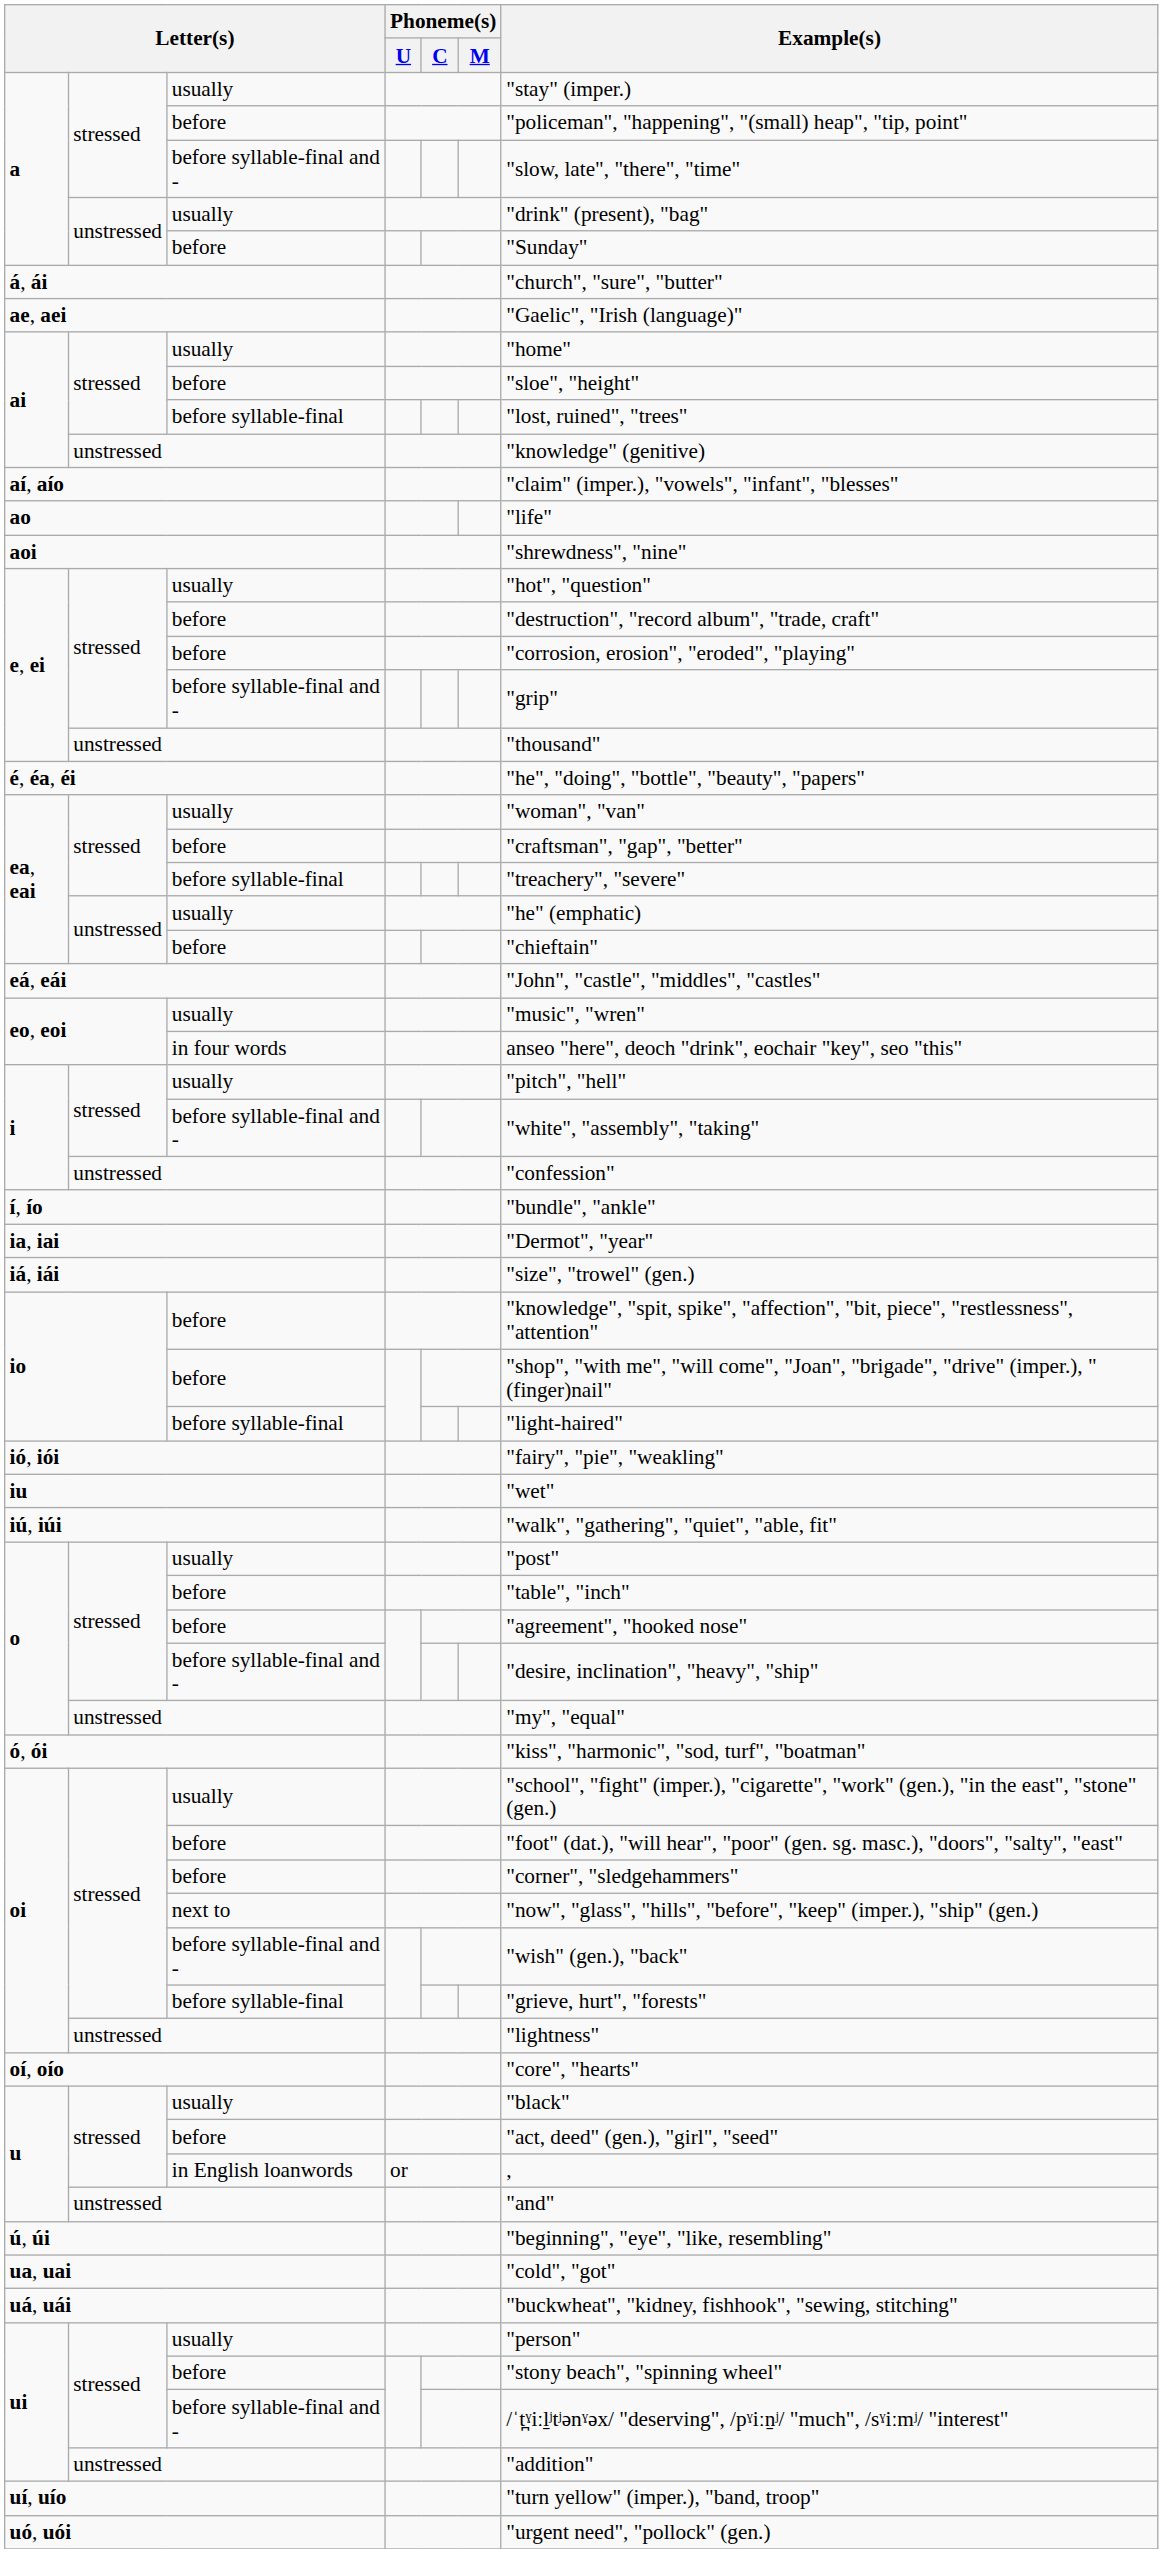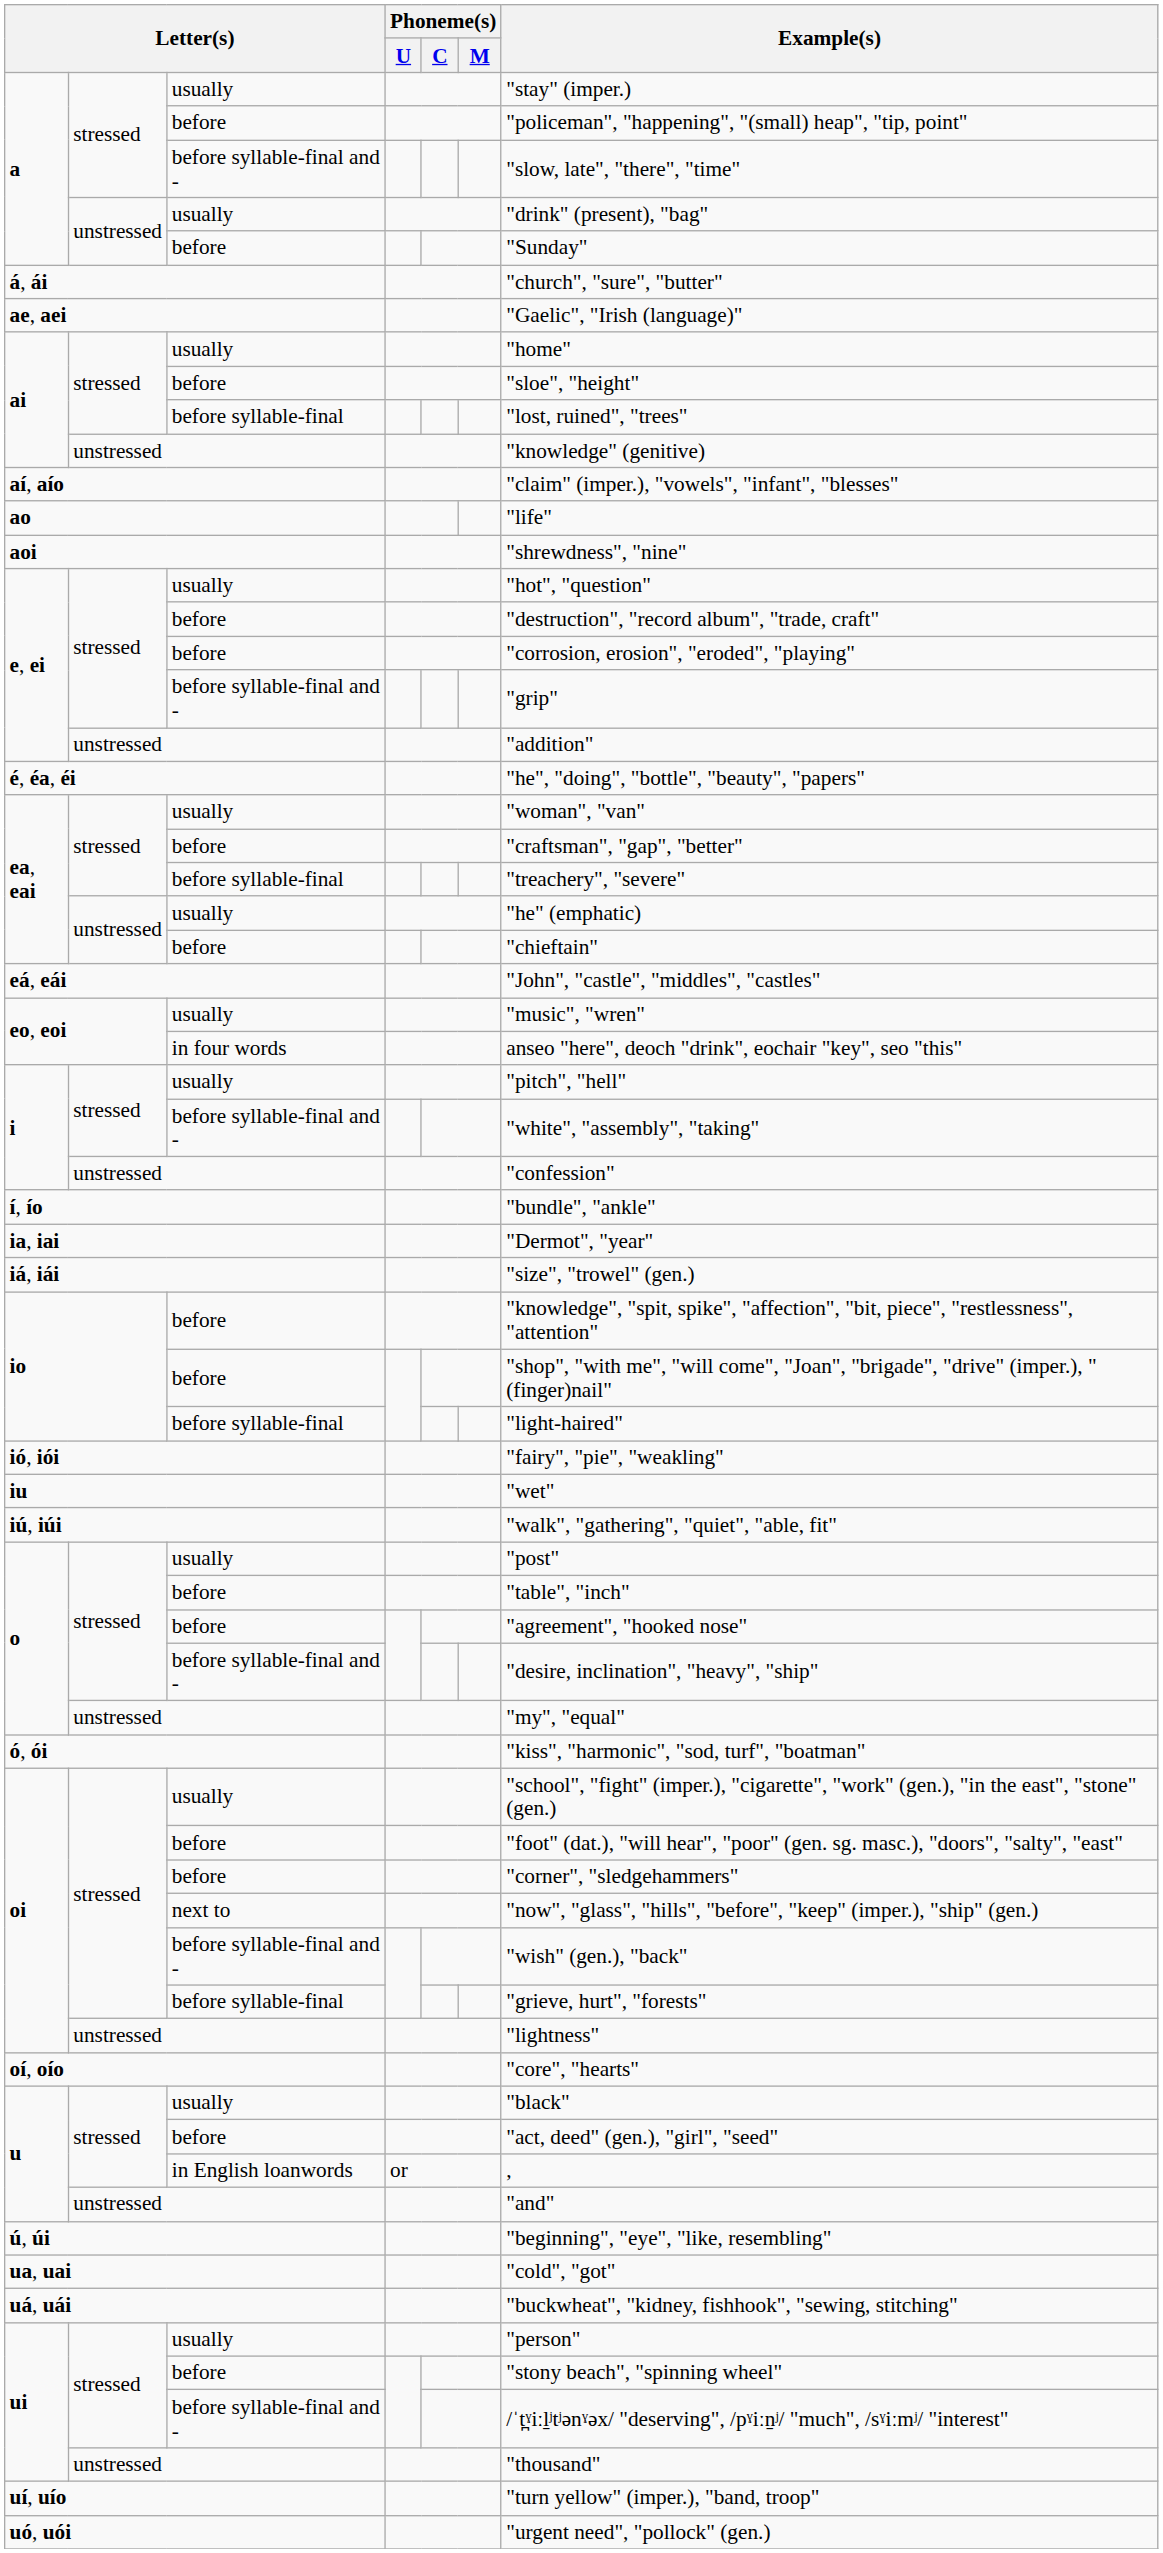 <table class="wikitable">
 <tr>
 <th colspan="3" rowspan="2">Letter(s)</th>
 <th colspan="3">Phoneme(s)</th>
 <th rowspan="2">Example(s)</th>
 </tr>
 <tr>
 <th><a href='#'>U</a></th>
 <th><strong><a href='#'>C</a></strong></th>
 <th><a href='#'>M</a></th>
 </tr>
 <tr>
 <td rowspan="5"><strong>a</strong></td>
 <td rowspan="3">stressed</td>
 <td>usually</td>
 <td colspan="3"></td>
 <td>  "stay" (imper.)</td>
 </tr>
 <tr>
 <td>before </td>
 <td colspan="3"></td>
 <td>  "policeman",   "happening",   "(small) heap",   "tip, point"</td>
 </tr>
 <tr>
 <td>before syllable-final  and -</td>
 <td></td>
 <td></td>
 <td></td>
 <td>  "slow, late",   "there",   "time"</td>
 </tr>
 <tr>
 <td rowspan="2">unstressed</td>
 <td>usually</td>
 <td colspan="3"></td>
 <td>  "drink" (present),   "bag"</td>
 </tr>
 <tr>
 <td>before </td>
 <td></td>
 <td colspan="2"></td>
 <td>  "Sunday"</td>
 </tr>
 <tr>
 <td colspan="3"><strong>á</strong>, <strong>ái</strong></td>
 <td colspan="3"></td>
 <td>  "church",   "sure",   "butter"</td>
 </tr>
 <tr>
 <td colspan="3"><strong>ae</strong>, <strong>aei</strong></td>
 <td colspan="3"></td>
 <td>  "Gaelic",   "Irish (language)"</td>
 </tr>
 <tr>
 <td rowspan="4"><strong>ai</strong></td>
 <td rowspan="3">stressed</td>
 <td>usually</td>
 <td colspan="3"></td>
 <td>  "home"</td>
 </tr>
 <tr>
 <td>before </td>
 <td colspan="3"></td>
 <td>  "sloe",   "height"</td>
 </tr>
 <tr>
 <td>before syllable-final </td>
 <td></td>
 <td></td>
 <td></td>
 <td>  "lost, ruined",   "trees"</td>
 </tr>
 <tr>
 <td colspan="2">unstressed</td>
 <td colspan="3"></td>
 <td>  "knowledge" (genitive)</td>
 </tr>
 <tr>
 <td colspan="3"><strong>aí</strong>, <strong>aío</strong></td>
 <td colspan="3"></td>
 <td>  "claim" (imper.),   "vowels",   "infant",   "blesses"</td>
 </tr>
 <tr>
 <td colspan="3"><strong>ao</strong></td>
 <td colspan="2"></td>
 <td></td>
 <td>  "life"</td>
 </tr>
 <tr>
 <td colspan="3"><strong>aoi</strong></td>
 <td colspan="3"></td>
 <td>  "shrewdness",   "nine"</td>
 </tr>
 <tr>
 <td rowspan="5"><strong>e</strong>, <strong>ei</strong></td>
 <td rowspan="4">stressed</td>
 <td>usually</td>
 <td colspan="3"></td>
 <td>  "hot",   "question"</td>
 </tr>
 <tr>
 <td>before </td>
 <td colspan="3"></td>
 <td>  "destruction",   "record album",   "trade, craft"</td>
 </tr>
 <tr>
 <td>before </td>
 <td colspan="3"></td>
 <td>  "corrosion, erosion",   "eroded",   "playing"</td>
 </tr>
 <tr>
 <td>before syllable-final  and -</td>
 <td></td>
 <td></td>
 <td></td>
 <td>  "grip"</td>
 </tr>
 <tr>
 <td colspan="2">unstressed</td>
 <td colspan="3"></td>
-<td>  "thousand"</td>
+<td>  "addition"</td>
 </tr>
 <tr>
 <td colspan="3"><strong>é</strong>, <strong>éa</strong>, <strong>éi</strong></td>
 <td colspan="3"></td>
 <td>  "he",   "doing",   "bottle",   "beauty",   "papers"</td>
 </tr>
 <tr>
 <td rowspan="5"><strong>ea</strong>, <strong>eai</strong></td>
 <td rowspan="3">stressed</td>
 <td>usually</td>
 <td colspan="3"></td>
 <td>  "woman",   "van"</td>
 </tr>
 <tr>
 <td>before </td>
 <td colspan="3"></td>
 <td>  "craftsman",   "gap",   "better"</td>
 </tr>
 <tr>
 <td>before syllable-final </td>
 <td></td>
 <td></td>
 <td></td>
 <td>  "treachery",   "severe"</td>
 </tr>
 <tr>
 <td rowspan="2">unstressed</td>
 <td>usually</td>
 <td colspan="3"></td>
 <td>  "he" (emphatic)</td>
 </tr>
 <tr>
 <td>before </td>
 <td></td>
 <td colspan="2"></td>
 <td>  "chieftain"</td>
 </tr>
 <tr>
 <td colspan="3"><strong>eá</strong>, <strong>eái</strong></td>
 <td colspan="3"></td>
 <td>  "John",   "castle",   "middles",   "castles"</td>
 </tr>
 <tr>
 <td colspan="2" rowspan="2"><strong>eo</strong>, <strong>eoi</strong></td>
 <td>usually</td>
 <td colspan="3"></td>
 <td>  "music",   "wren"</td>
 </tr>
 <tr>
 <td>in four words</td>
 <td colspan="3"></td>
 <td>anseo  "here", deoch  "drink", eochair  "key", seo  "this"</td>
 </tr>
 <tr>
 <td rowspan="3"><strong>i</strong></td>
 <td rowspan="2">stressed</td>
 <td>usually</td>
 <td colspan="3"></td>
 <td>  "pitch",   "hell"</td>
 </tr>
 <tr>
 <td>before syllable-final  and -</td>
 <td></td>
 <td colspan="2"></td>
 <td>  "white",   "assembly",   "taking"</td>
 </tr>
 <tr>
 <td colspan="2">unstressed</td>
 <td colspan="3"></td>
 <td>  "confession"</td>
 </tr>
 <tr>
 <td colspan="3"><strong>í</strong>, <strong>ío</strong></td>
 <td colspan="3"></td>
 <td>  "bundle",   "ankle"</td>
 </tr>
 <tr>
 <td colspan="3"><strong>ia</strong>, <strong>iai</strong></td>
 <td colspan="3"></td>
 <td>  "Dermot",   "year"</td>
 </tr>
 <tr>
 <td colspan="3"><strong>iá</strong>, <strong>iái</strong></td>
 <td colspan="3"></td>
 <td>  "size",   "trowel" (gen.)</td>
 </tr>
 <tr>
 <td colspan="2" rowspan="3"><strong>io</strong></td>
 <td>before </td>
 <td colspan="3"></td>
 <td>  "knowledge",   "spit, spike",   "affection",   "bit, piece",   "restlessness",   "attention"</td>
 </tr>
 <tr>
 <td>before </td>
 <td rowspan="2"></td>
 <td colspan="2"></td>
 <td>  "shop",   "with me",   "will come",   "Joan",   "brigade",   "drive" (imper.),   "(finger)nail"</td>
 </tr>
 <tr>
 <td>before syllable-final </td>
 <td></td>
 <td></td>
 <td>  "light-haired"</td>
 </tr>
 <tr>
 <td colspan="3"><strong>ió</strong>, <strong>iói</strong></td>
 <td colspan="3"></td>
 <td>  "fairy",   "pie",   "weakling"</td>
 </tr>
 <tr>
 <td colspan="3"><strong>iu</strong></td>
 <td colspan="3"></td>
 <td>  "wet"</td>
 </tr>
 <tr>
 <td colspan="3"><strong>iú</strong>, <strong>iúi</strong></td>
 <td colspan="3"></td>
 <td>  "walk",   "gathering",   "quiet",   "able, fit"</td>
 </tr>
 <tr>
 <td rowspan="5"><strong>o</strong></td>
 <td rowspan="4">stressed</td>
 <td>usually</td>
 <td colspan="3"></td>
 <td>  "post"</td>
 </tr>
 <tr>
 <td>before </td>
 <td colspan="3"></td>
 <td>  "table",   "inch"</td>
 </tr>
 <tr>
 <td>before </td>
 <td rowspan="2"></td>
 <td colspan="2"></td>
 <td>  "agreement",   "hooked nose"</td>
 </tr>
 <tr>
 <td>before syllable-final  and -</td>
 <td></td>
 <td></td>
 <td>  "desire, inclination",   "heavy",   "ship"</td>
 </tr>
 <tr>
 <td colspan="2">unstressed</td>
 <td colspan="3"></td>
 <td>  "my",   "equal"</td>
 </tr>
 <tr>
 <td colspan="3"><strong>ó</strong>, <strong>ói</strong></td>
 <td colspan="3"></td>
 <td>  "kiss",   "harmonic",   "sod, turf",   "boatman"</td>
 </tr>
 <tr>
 <td rowspan="7"><strong>oi</strong></td>
 <td rowspan="6">stressed</td>
 <td>usually</td>
 <td colspan="3"></td>
 <td>  "school",   "fight" (imper.),   "cigarette",   "work" (gen.),   "in the east",   "stone" (gen.)</td>
 </tr>
 <tr>
 <td>before </td>
 <td colspan="3"></td>
 <td>  "foot" (dat.),   "will hear",   "poor" (gen. sg. masc.),   "doors",   "salty",   "east"</td>
 </tr>
 <tr>
 <td>before </td>
 <td colspan="3"></td>
 <td>  "corner",   "sledgehammers"</td>
 </tr>
 <tr>
 <td>next to </td>
 <td colspan="3"></td>
 <td>  "now",   "glass",   "hills",   "before",   "keep" (imper.),   "ship" (gen.)</td>
 </tr>
 <tr>
 <td>before syllable-final  and -</td>
 <td rowspan="2"></td>
 <td colspan="2"></td>
 <td>  "wish" (gen.),   "back"</td>
 </tr>
 <tr>
 <td>before syllable-final </td>
 <td></td>
 <td></td>
 <td>  "grieve, hurt",   "forests"</td>
 </tr>
 <tr>
 <td colspan="2">unstressed</td>
 <td colspan="3"></td>
 <td>  "lightness"</td>
 </tr>
 <tr>
 <td colspan="3"><strong>oí</strong>, <strong>oío</strong></td>
 <td colspan="3"></td>
 <td>  "core",   "hearts"</td>
 </tr>
 <tr>
 <td rowspan="4"><strong>u</strong></td>
 <td rowspan="3">stressed</td>
 <td>usually</td>
 <td colspan="3"></td>
 <td>  "black"</td>
 </tr>
 <tr>
 <td>before </td>
 <td colspan="3"></td>
 <td>  "act, deed" (gen.),   "girl",   "seed"</td>
 </tr>
 <tr>
 <td>in English loanwords</td>
 <td colspan="3"> or </td>
 <td> ,  </td>
 </tr>
 <tr>
 <td colspan="2">unstressed</td>
 <td colspan="3"></td>
 <td>  "and"</td>
 </tr>
 <tr>
 <td colspan="3"><strong>ú</strong>, <strong>úi</strong></td>
 <td colspan="3"></td>
 <td>  "beginning",   "eye",   "like, resembling"</td>
 </tr>
 <tr>
 <td colspan="3"><strong>ua</strong>, <strong>uai</strong></td>
 <td colspan="3"></td>
 <td>  "cold",   "got"</td>
 </tr>
 <tr>
 <td colspan="3"><strong>uá</strong>, <strong>uái</strong></td>
 <td colspan="3"></td>
 <td>  "buckwheat",   "kidney, fishhook",   "sewing, stitching"</td>
 </tr>
 <tr>
 <td rowspan="4"><strong>ui</strong></td>
 <td rowspan="3">stressed</td>
 <td>usually</td>
 <td colspan="3"></td>
 <td>  "person"</td>
 </tr>
 <tr>
 <td>before </td>
 <td rowspan="2"></td>
 <td colspan="2"></td>
 <td>  "stony beach",   "spinning wheel"</td>
 </tr>
 <tr>
 <td>before syllable-final  and -</td>
 <td colspan="2"></td>
 <td> /ˈt̪ˠiːl̠ʲtʲənˠəx/ "deserving",  /pˠiːn̠ʲ/ "much",  /sˠiːmʲ/ "interest"</td>
 </tr>
 <tr>
 <td colspan="2">unstressed</td>
 <td colspan="3"></td>
-<td>  "addition"</td>
+<td>  "thousand"</td>
 </tr>
 <tr>
 <td colspan="3"><strong>uí</strong>, <strong>uío</strong></td>
 <td colspan="3"></td>
 <td>  "turn yellow" (imper.),   "band, troop"</td>
 </tr>
 <tr>
 <td colspan="3"><strong>uó</strong>, <strong>uói</strong></td>
 <td colspan="3"></td>
 <td>  "urgent need",   "pollock" (gen.)</td>
 </tr>
 </table>
